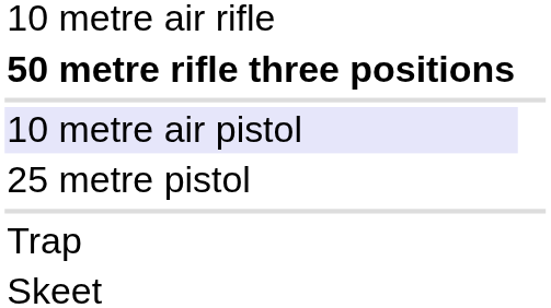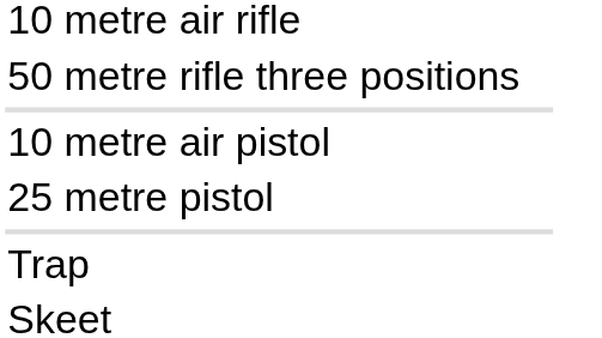 <table>
 <tr>
 <td>10 metre air rifle<br></td>
 <td></td>
 <td></td>
 <td></td>
 </tr>
 <tr>
-<td><strong>50 metre rifle three positions<br></strong></td>
+<td>50 metre rifle three positions<br></td>
 <td></td>
 <td></td>
 <td></td>
 </tr>
 <tr bgcolor=#DDDDDD>
 <td colspan=7></td>
 </tr>
 <tr>
-<td style="background: lavender;">10 metre air pistol<br></td>
+<td>10 metre air pistol<br></td>
 <td></td>
 <td></td>
 <td></td>
 </tr>
 <tr>
 <td>25 metre pistol<br></td>
 <td></td>
 <td></td>
 <td></td>
 </tr>
 <tr bgcolor=#DDDDDD>
 <td colspan=7></td>
 </tr>
 <tr>
 <td>Trap<br></td>
 <td></td>
 <td></td>
 <td></td>
 </tr>
 <tr>
 <td>Skeet<br></td>
 <td></td>
 <td></td>
 <td></td>
 </tr>
 </table>
